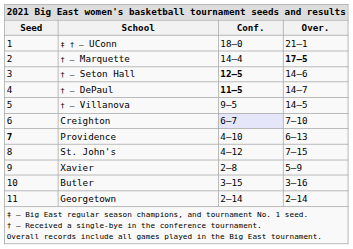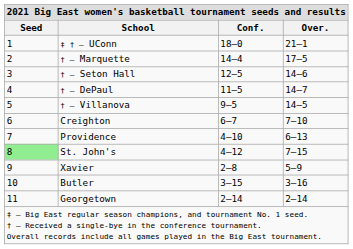 <table class="wikitable" style="white-space:nowrap; font-size:90%;">
 <tr>
 <td colspan="4" style="text-align:center; background:#DDDDDD; font:#000000"><strong>2021 Big East women's basketball tournament seeds and results</strong></td>
 </tr>
 <tr bgcolor="#efefef">
 <th>Seed</th>
 <th>School</th>
 <th>Conf.</th>
 <th>Over.</th>
 </tr>
 <tr>
 <td>1</td>
 <td><small>‡ † –</small> UConn</td>
 <td>18–0</td>
 <td>21–1</td>
 </tr>
 <tr>
 <td>2</td>
 <td><small>† –</small> Marquette</td>
 <td>14–4</td>
-<td><strong>17–5</strong></td>
+<td>17–5</td>
 </tr>
 <tr>
 <td>3</td>
 <td><small>† –</small> Seton Hall</td>
-<td><strong>12–5</strong></td>
+<td>12–5</td>
 <td>14–6</td>
 </tr>
 <tr>
 <td>4</td>
 <td><small>† –</small> DePaul</td>
-<td><strong>11–5</strong></td>
+<td>11–5</td>
 <td>14–7</td>
 </tr>
 <tr>
 <td>5</td>
 <td><small>† –</small> Villanova</td>
 <td>9–5</td>
 <td>14–5</td>
 </tr>
 <tr>
 <td>6</td>
 <td>Creighton</td>
-<td style="background: lavender;">6–7</td>
+<td>6–7</td>
 <td>7–10</td>
 </tr>
 <tr>
-<td><strong>7</strong></td>
+<td>7</td>
 <td>Providence</td>
 <td>4–10</td>
 <td>6–13</td>
 </tr>
 <tr>
-<td>8</td>
+<td style="background: lightgreen;">8</td>
 <td>St. John's</td>
 <td>4–12</td>
 <td>7–15</td>
 </tr>
 <tr>
 <td>9</td>
 <td>Xavier</td>
 <td>2–8</td>
 <td>5–9</td>
 </tr>
 <tr>
 <td>10</td>
 <td>Butler</td>
 <td>3–15</td>
 <td>3–16</td>
 </tr>
 <tr>
 <td>11</td>
 <td>Georgetown</td>
 <td>2–14</td>
 <td>2–14</td>
 </tr>
 <tr>
 <td colspan="4" style="text-align:left;"><small>‡ – Big East regular season champions, and tournament No. 1 seed.<br>† – Received a single-bye in the conference tournament.<br>Overall records include all games played in the Big East tournament.</small></td>
 </tr>
 </table>
